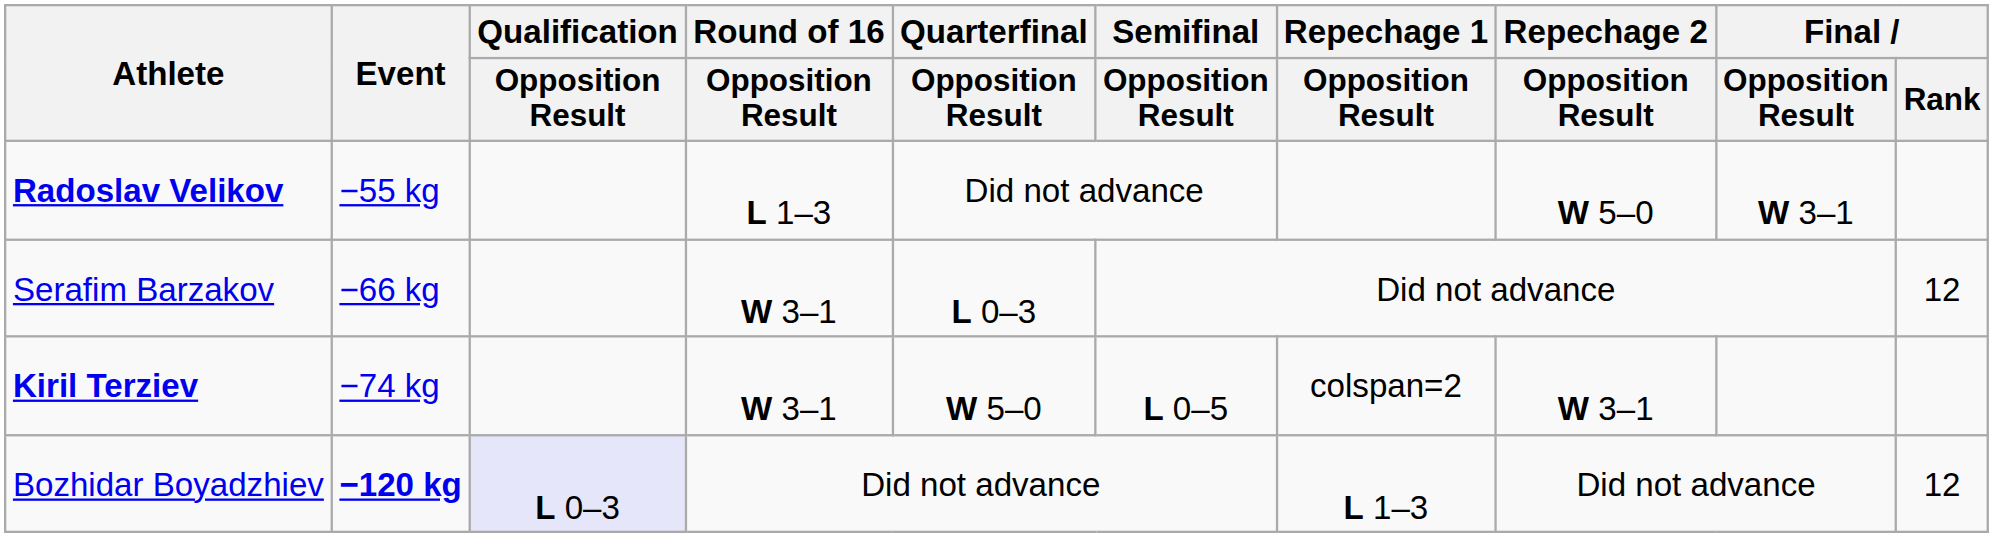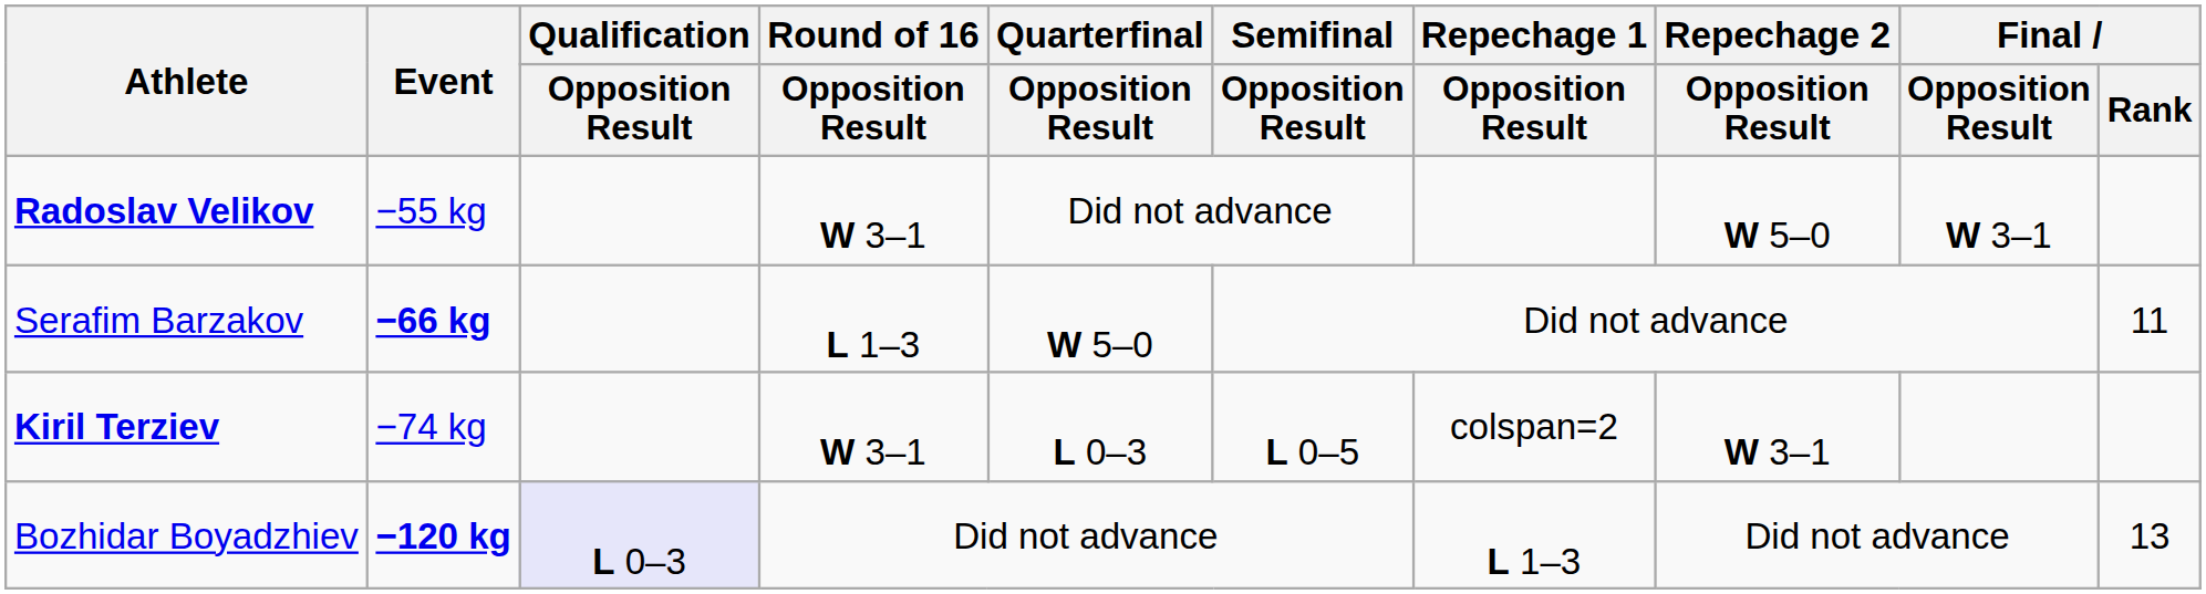 <table class="wikitable" style="font-size:90%">
 <tr>
 <th rowspan="2">Athlete</th>
 <th rowspan="2">Event</th>
 <th>Qualification</th>
 <th>Round of 16</th>
 <th>Quarterfinal</th>
 <th>Semifinal</th>
 <th>Repechage 1</th>
 <th>Repechage 2</th>
 <th colspan=2>Final / </th>
 </tr>
 <tr style="font-size: 95%">
 <th>Opposition<br>Result</th>
 <th>Opposition<br>Result</th>
 <th>Opposition<br>Result</th>
 <th>Opposition<br>Result</th>
 <th>Opposition<br>Result</th>
 <th>Opposition<br>Result</th>
 <th>Opposition<br>Result</th>
 <th>Rank</th>
 </tr>
 <tr align=center>
 <td align=left><strong><a href='#'>Radoslav Velikov</a></strong></td>
 <td align=left><a href='#'>−55 kg</a></td>
 <td></td>
-<td><br><strong>L</strong> 1–3 <sup></sup></td>
+<td><br><strong>W</strong> 3–1 <sup></sup></td>
 <td colspan=2>Did not advance</td>
 <td></td>
 <td><br><strong>W</strong> 5–0 <sup></sup></td>
 <td> <br><strong>W</strong> 3–1 <sup></sup></td>
 <td></td>
 </tr>
 <tr align=center>
 <td align=left><a href='#'>Serafim Barzakov</a></td>
-<td align=left><a href='#'>−66 kg</a></td>
+<td align=left><strong><a href='#'>−66 kg</a></strong></td>
 <td></td>
-<td><br><strong>W</strong> 3–1 <sup></sup></td>
-<td><br><strong>L</strong> 0–3 <sup></sup></td>
+<td><br><strong>L</strong> 1–3 <sup></sup></td>
+<td><br><strong>W</strong> 5–0 <sup></sup></td>
 <td colspan=4>Did not advance</td>
-<td>12</td>
+<td>11</td>
 </tr>
 <tr align=center>
 <td align=left><strong><a href='#'>Kiril Terziev</a></strong></td>
 <td align=left><a href='#'>−74 kg</a></td>
 <td></td>
 <td><br><strong>W</strong> 3–1 <sup></sup></td>
-<td><br><strong>W</strong> 5–0 <sup></sup></td>
+<td><br><strong>L</strong> 0–3 <sup></sup></td>
 <td><br><strong>L</strong> 0–5 <sup></sup></td>
 <td>colspan=2 </td>
 <td><br><strong>W</strong> 3–1 <sup></sup></td>
 <td></td>
 </tr>
 <tr align=center>
 <td align=left><a href='#'>Bozhidar Boyadzhiev</a></td>
 <td align=left><strong><a href='#'>−120 kg</a></strong></td>
 <td style="background: lavender;"><br><strong>L</strong> 0–3 <sup></sup></td>
 <td colspan=3>Did not advance</td>
 <td><br><strong>L</strong> 1–3 <sup></sup></td>
 <td colspan=2>Did not advance</td>
-<td>12</td>
+<td>13</td>
 </tr>
 </table>
